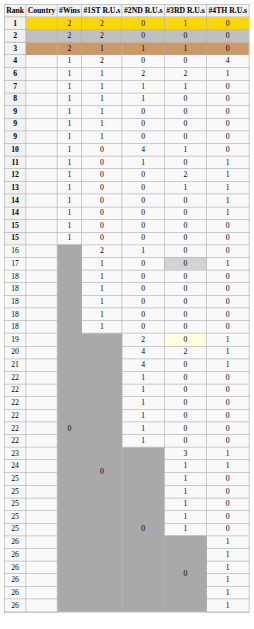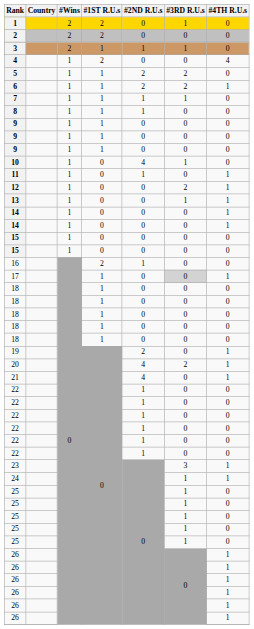 <table class="wikitable " style="font-size: 80%; text-align:center">
 <tr>
 <th>Rank</th>
 <th>Country</th>
 <th>#Wins</th>
 <th>#1ST R.U.s</th>
 <th>#2ND R.U.s</th>
 <th>#3RD R.U.s</th>
 <th>#4TH R.U.s</th>
 </tr>
 <tr style="background:gold;">
 <th>1</th>
 <td align=left><strong></strong></td>
 <td>2</td>
 <td>2</td>
 <td>0</td>
 <td>1</td>
 <td>0</td>
 </tr>
 <tr style="background:silver;">
 <th>2</th>
 <td align=left><strong></strong></td>
 <td>2</td>
 <td>2</td>
 <td>0</td>
 <td>0</td>
 <td>0</td>
 </tr>
 <tr style="background:#c96;">
 <th>3</th>
 <td align=left><strong></strong></td>
 <td>2</td>
 <td>1</td>
 <td>1</td>
 <td>1</td>
 <td>0</td>
 </tr>
 <tr>
 <th>4</th>
 <td align=left></td>
 <td>1</td>
 <td>2</td>
 <td>0</td>
 <td>0</td>
 <td>4</td>
+</tr>
+<tr>
+<th>5</th>
+<td align=left></td>
+<td>1</td>
+<td>1</td>
+<td>2</td>
+<td>2</td>
+<td>0</td>
 </tr>
 <tr>
 <th>6</th>
 <td align=left></td>
 <td>1</td>
 <td>1</td>
 <td>2</td>
 <td>2</td>
 <td>1</td>
 </tr>
 <tr>
 <th>7</th>
 <td align=left></td>
 <td>1</td>
 <td>1</td>
 <td>1</td>
 <td>1</td>
 <td>0</td>
 </tr>
 <tr>
 <th>8</th>
 <td align=left></td>
 <td>1</td>
 <td>1</td>
 <td>1</td>
 <td>0</td>
 <td>0</td>
 </tr>
 <tr>
 <th>9</th>
 <td align=left></td>
 <td>1</td>
 <td>1</td>
 <td>0</td>
 <td>0</td>
 <td>0</td>
 </tr>
 <tr>
 <th>9</th>
 <td align=left></td>
 <td>1</td>
 <td>1</td>
 <td>0</td>
 <td>0</td>
 <td>0</td>
 </tr>
 <tr>
 <th>9</th>
 <td align=left></td>
 <td>1</td>
 <td>1</td>
 <td>0</td>
 <td>0</td>
 <td>0</td>
 </tr>
 <tr>
 <th>10</th>
 <td align=left></td>
 <td>1</td>
 <td>0</td>
 <td>4</td>
 <td>1</td>
 <td>0</td>
 </tr>
 <tr>
 <th>11</th>
 <td align=left></td>
 <td>1</td>
 <td>0</td>
 <td>1</td>
 <td>0</td>
 <td>1</td>
 </tr>
 <tr>
 <th>12</th>
 <td align=left></td>
 <td>1</td>
 <td>0</td>
 <td>0</td>
 <td>2</td>
 <td>1</td>
 </tr>
 <tr>
 <th>13</th>
 <td align=left></td>
 <td>1</td>
 <td>0</td>
 <td>0</td>
 <td>1</td>
 <td>1</td>
 </tr>
 <tr>
 <th>14</th>
 <td align=left></td>
 <td>1</td>
 <td>0</td>
 <td>0</td>
 <td>0</td>
 <td>1</td>
 </tr>
 <tr>
 <th>14</th>
 <td align=left></td>
 <td>1</td>
 <td>0</td>
 <td>0</td>
 <td>0</td>
 <td>1</td>
 </tr>
 <tr>
 <th>15</th>
 <td align=left></td>
 <td>1</td>
 <td>0</td>
 <td>0</td>
 <td>0</td>
 <td>0</td>
 </tr>
 <tr>
 <th>15</th>
 <td align=left></td>
 <td>1</td>
 <td>0</td>
 <td>0</td>
 <td>0</td>
 <td>0</td>
 </tr>
 <tr>
 <td>16</td>
 <td align=left></td>
 <td rowspan="30"colspan="1" style="background:darkgrey;">0</td>
 <td>2</td>
 <td>1</td>
 <td>0</td>
 <td>0</td>
 </tr>
 <tr>
 <td>17</td>
 <td align=left></td>
 <td>1</td>
 <td>0</td>
 <td style="background: lightgrey;">0</td>
 <td>1</td>
 </tr>
 <tr>
 <td>18</td>
 <td align=left></td>
 <td>1</td>
 <td>0</td>
 <td>0</td>
 <td>0</td>
 </tr>
 <tr>
 <td>18</td>
 <td align=left></td>
 <td>1</td>
 <td>0</td>
 <td>0</td>
 <td>0</td>
 </tr>
 <tr>
 <td>18</td>
 <td align=left></td>
 <td>1</td>
 <td>0</td>
 <td>0</td>
 <td>0</td>
 </tr>
 <tr>
 <td>18</td>
 <td align=left></td>
 <td>1</td>
 <td>0</td>
 <td>0</td>
 <td>0</td>
 </tr>
 <tr>
 <td>18</td>
 <td align=left></td>
 <td>1</td>
 <td>0</td>
 <td>0</td>
 <td>0</td>
 </tr>
 <tr>
 <td>19</td>
 <td align=left></td>
 <td rowspan="30"colspan="1" style="background:darkgrey;">0</td>
 <td>2</td>
-<td style="background: lightyellow;">0</td>
+<td>0</td>
 <td>1</td>
 </tr>
 <tr>
 <td>20</td>
 <td align=left></td>
 <td>4</td>
 <td>2</td>
 <td>1</td>
 </tr>
 <tr>
 <td>21</td>
 <td align=left></td>
 <td>4</td>
 <td>0</td>
 <td>1</td>
 </tr>
 <tr>
 <td>22</td>
 <td align=left></td>
 <td>1</td>
 <td>0</td>
 <td>0</td>
 </tr>
 <tr>
 <td>22</td>
 <td align=left></td>
 <td>1</td>
 <td>0</td>
 <td>0</td>
 </tr>
 <tr>
 <td>22</td>
 <td align=left></td>
 <td>1</td>
 <td>0</td>
 <td>0</td>
 </tr>
 <tr>
 <td>22</td>
 <td align=left></td>
 <td>1</td>
 <td>0</td>
 <td>0</td>
 </tr>
 <tr>
 <td>22</td>
 <td align=left></td>
 <td>1</td>
 <td>0</td>
 <td>0</td>
 </tr>
 <tr>
 <td>22</td>
 <td align=left></td>
 <td>1</td>
 <td>0</td>
 <td>0</td>
 </tr>
 <tr>
 <td>23</td>
 <td align=left></td>
 <td rowspan="30"colspan="1" style="background:darkgrey;">0</td>
 <td>3</td>
 <td>1</td>
 </tr>
 <tr>
 <td>24</td>
 <td align=left></td>
 <td>1</td>
 <td>1</td>
 </tr>
 <tr>
 <td>25</td>
 <td align=left></td>
 <td>1</td>
 <td>0</td>
 </tr>
 <tr>
 <td>25</td>
 <td align=left></td>
 <td>1</td>
 <td>0</td>
 </tr>
 <tr>
 <td>25</td>
 <td align=left></td>
 <td>1</td>
 <td>0</td>
 </tr>
 <tr>
 <td>25</td>
 <td align=left></td>
 <td>1</td>
 <td>0</td>
 </tr>
 <tr>
 <td>25</td>
 <td align=left></td>
 <td>1</td>
 <td>0</td>
 </tr>
 <tr>
 <td>26</td>
 <td align=left></td>
 <td rowspan="30"colspan="1" style="background:darkgrey;">0</td>
 <td>1</td>
 </tr>
 <tr>
 <td>26</td>
 <td align=left></td>
 <td>1</td>
 </tr>
 <tr>
 <td>26</td>
 <td align=left></td>
 <td>1</td>
 </tr>
 <tr>
 <td>26</td>
 <td align=left></td>
 <td>1</td>
 </tr>
 <tr>
 <td>26</td>
 <td align=left></td>
 <td>1</td>
 </tr>
 <tr>
 <td>26</td>
 <td align=left></td>
 <td>1</td>
 </tr>
 <tr>
 </tr>
 </table>
